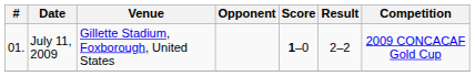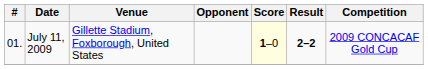 <table class="wikitable">
 <tr>
 <th>#</th>
 <th>Date</th>
 <th>Venue</th>
 <th>Opponent</th>
 <th>Score</th>
 <th>Result</th>
 <th>Competition</th>
 </tr>
 <tr>
 <td>01.</td>
 <td>July 11, 2009</td>
 <td><a href='#'>Gillette Stadium</a>, <a href='#'>Foxborough</a>, United States</td>
 <td></td>
-<td align="center"><strong>1</strong>–0</td>
-<td align="center">2–2</td>
+<td align="center" style="background: lightyellow;"><strong>1</strong>–0</td>
+<td align="center"><strong>2–2</strong></td>
 <td align="center"><a href='#'>2009 CONCACAF Gold Cup</a></td>
 </tr>
 <tr>
 </tr>
 </table>
